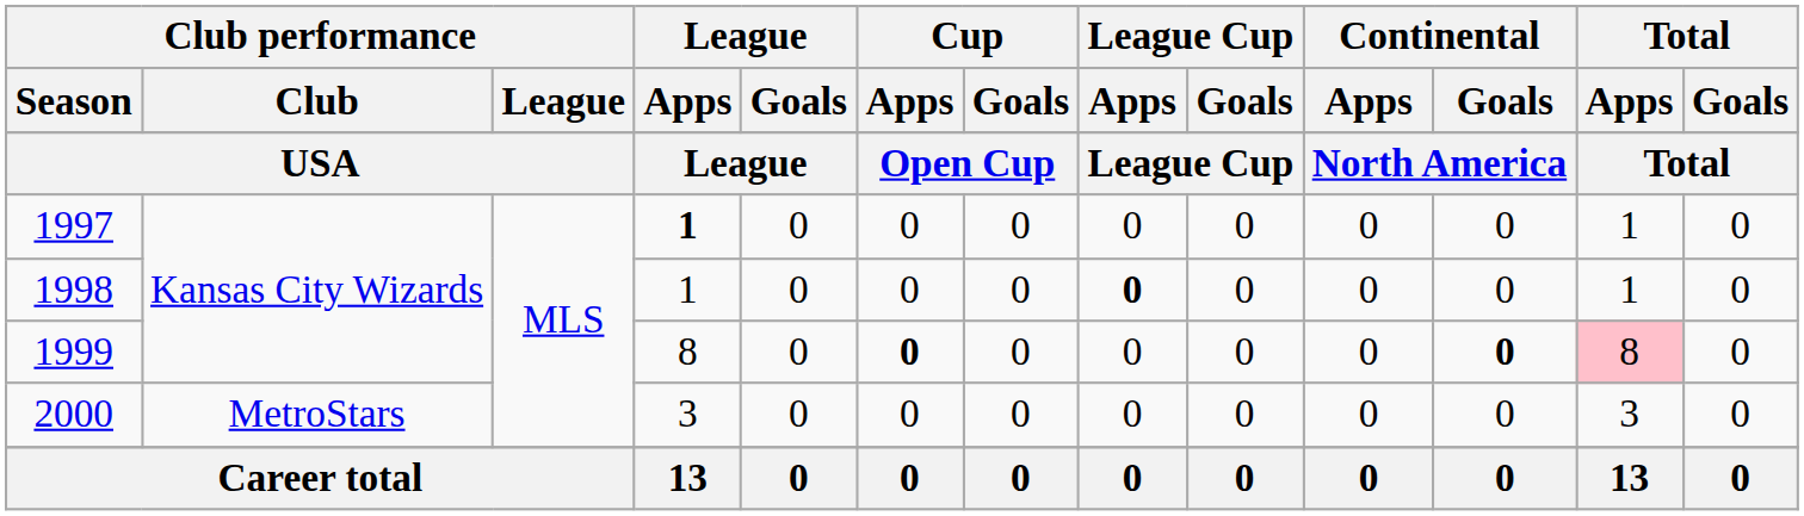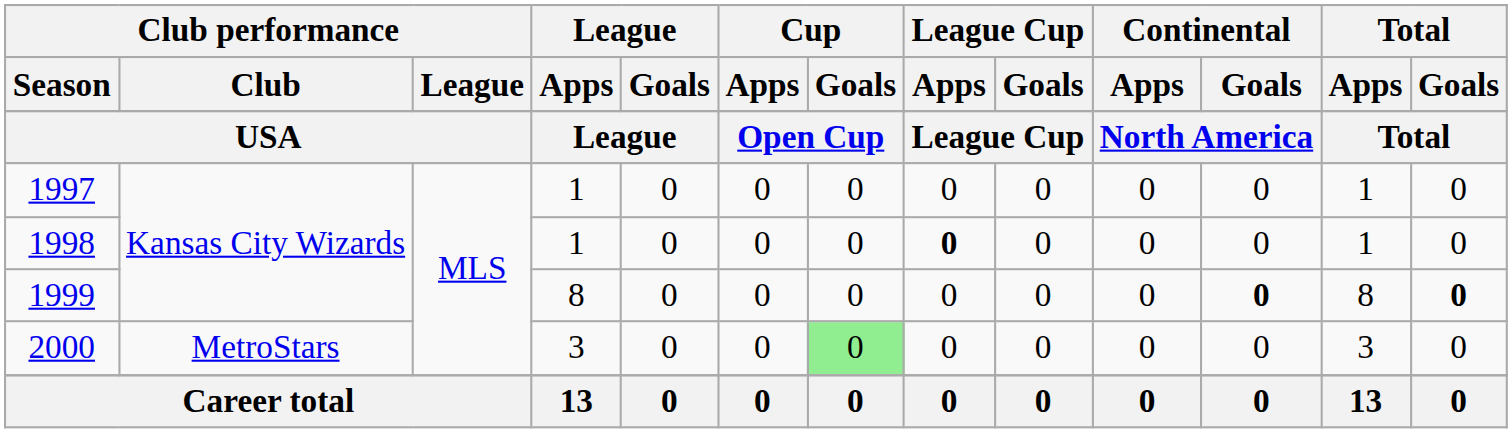 <table class="wikitable" style="text-align:center">
 <tr>
 <th colspan=3>Club performance</th>
 <th colspan=2>League</th>
 <th colspan=2>Cup</th>
 <th colspan=2>League Cup</th>
 <th colspan=2>Continental</th>
 <th colspan=2>Total</th>
 </tr>
 <tr>
 <th>Season</th>
 <th>Club</th>
 <th>League</th>
 <th>Apps</th>
 <th>Goals</th>
 <th>Apps</th>
 <th>Goals</th>
 <th>Apps</th>
 <th>Goals</th>
 <th>Apps</th>
 <th>Goals</th>
 <th>Apps</th>
 <th>Goals</th>
 </tr>
 <tr>
 </tr>
 <tr>
 <th colspan=3>USA</th>
 <th colspan=2>League</th>
 <th colspan=2><a href='#'>Open Cup</a></th>
 <th colspan=2>League Cup</th>
 <th colspan=2><a href='#'>North America</a></th>
 <th colspan=2>Total</th>
 </tr>
 <tr>
 <td><a href='#'>1997</a></td>
 <td rowspan="3"><a href='#'>Kansas City Wizards</a></td>
 <td rowspan="4"><a href='#'>MLS</a></td>
-<td><strong>1</strong></td>
+<td>1</td>
 <td>0</td>
 <td>0</td>
 <td>0</td>
 <td>0</td>
 <td>0</td>
 <td>0</td>
 <td>0</td>
 <td>1</td>
 <td>0</td>
 </tr>
 <tr>
 <td><a href='#'>1998</a></td>
 <td>1</td>
 <td>0</td>
 <td>0</td>
 <td>0</td>
 <td><strong>0</strong></td>
 <td>0</td>
 <td>0</td>
 <td>0</td>
 <td>1</td>
 <td>0</td>
 </tr>
 <tr>
 <td><a href='#'>1999</a></td>
 <td>8</td>
 <td>0</td>
-<td><strong>0</strong></td>
+<td>0</td>
 <td>0</td>
 <td>0</td>
 <td>0</td>
 <td>0</td>
 <td><strong>0</strong></td>
-<td style="background: pink;">8</td>
-<td>0</td>
+<td>8</td>
+<td><strong>0</strong></td>
 </tr>
 <tr>
 <td><a href='#'>2000</a></td>
 <td><a href='#'>MetroStars</a></td>
 <td>3</td>
 <td>0</td>
 <td>0</td>
-<td>0</td>
+<td style="background: lightgreen;">0</td>
 <td>0</td>
 <td>0</td>
 <td>0</td>
 <td>0</td>
 <td>3</td>
 <td>0</td>
 </tr>
 <tr>
 </tr>
 <tr>
 <th colspan=3>Career total</th>
 <th>13</th>
 <th>0</th>
 <th>0</th>
 <th>0</th>
 <th>0</th>
 <th>0</th>
 <th>0</th>
 <th>0</th>
 <th>13</th>
 <th>0</th>
 </tr>
 </table>
